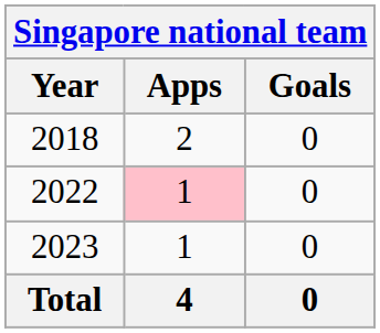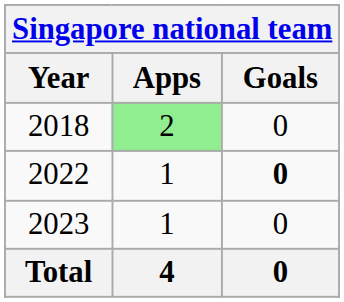 <table class="wikitable" style="text-align:center">
 <tr>
 <th colspan=4><a href='#'>Singapore national team</a></th>
 </tr>
 <tr>
 <th>Year</th>
 <th>Apps</th>
 <th>Goals</th>
 </tr>
 <tr>
 <td>2018</td>
-<td>2</td>
+<td style="background: lightgreen;">2</td>
 <td>0</td>
 </tr>
 <tr>
 <td>2022</td>
-<td style="background: pink;">1</td>
-<td>0</td>
+<td>1</td>
+<td><strong>0</strong></td>
 </tr>
 <tr>
 <td>2023</td>
 <td>1</td>
 <td>0</td>
 </tr>
 <tr>
 <th>Total</th>
 <th>4</th>
 <th>0</th>
 </tr>
 </table>
